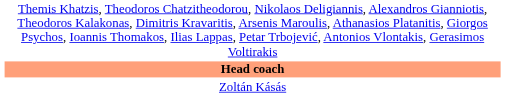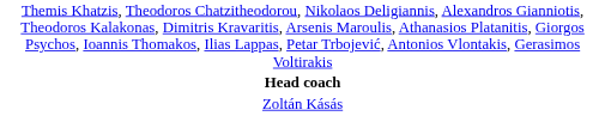 <table style="text-align: center; margin-top: 2em; margin-left: auto; margin-right: auto">
 <tr>
 <td><a href='#'>Themis Khatzis</a>, <a href='#'>Theodoros Chatzitheodorou</a>, <a href='#'>Nikolaos Deligiannis</a>, <a href='#'>Alexandros Gianniotis</a>, <a href='#'>Theodoros Kalakonas</a>, <a href='#'>Dimitris Kravaritis</a>, <a href='#'>Arsenis Maroulis</a>, <a href='#'>Athanasios Platanitis</a>, <a href='#'>Giorgos Psychos</a>, <a href='#'>Ioannis Thomakos</a>, <a href='#'>Ilias Lappas</a>, <a href='#'>Petar Trbojević</a>, <a href='#'>Antonios Vlontakis</a>, <a href='#'>Gerasimos Voltirakis</a></td>
 </tr>
 <tr>
-<td style="background: lightsalmon;"><strong>Head coach</strong></td>
+<td><strong>Head coach</strong></td>
 </tr>
 <tr>
 <td><a href='#'>Zoltán Kásás</a></td>
 </tr>
 </table>
